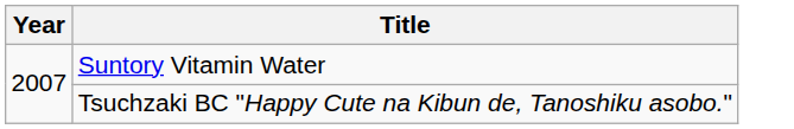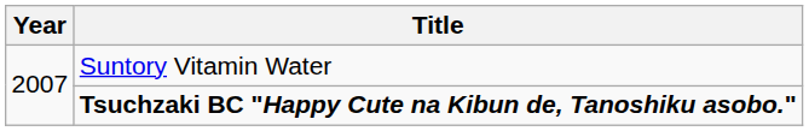 <table class="wikitable">
 <tr>
 <th>Year</th>
 <th>Title</th>
 </tr>
 <tr>
 <td rowspan="2">2007</td>
 <td><a href='#'>Suntory</a> Vitamin Water</td>
 </tr>
 <tr>
-<td>Tsuchzaki BC "<em>Happy Cute na Kibun de, Tanoshiku asobo.</em>"</td>
+<td><strong>Tsuchzaki BC "<em>Happy Cute na Kibun de, Tanoshiku asobo.</em>"</strong></td>
 </tr>
 </table>
